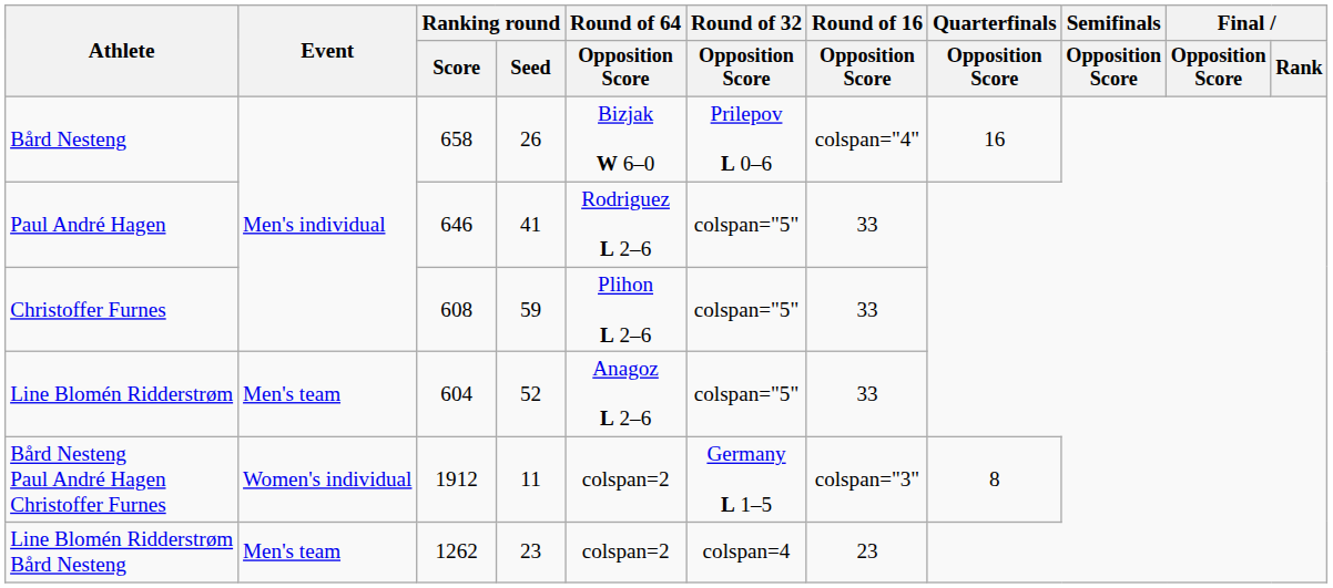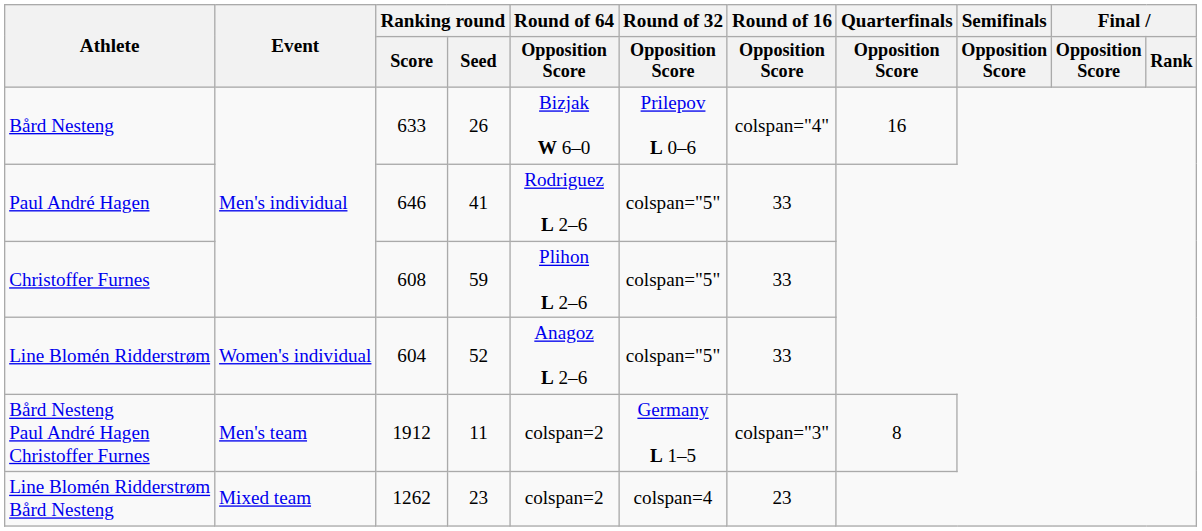 <table class="wikitable" style="font-size:90%">
 <tr>
 <th rowspan=2>Athlete</th>
 <th rowspan=2>Event</th>
 <th colspan=2>Ranking round</th>
 <th>Round of 64</th>
 <th>Round of 32</th>
 <th>Round of 16</th>
 <th>Quarterfinals</th>
 <th>Semifinals</th>
 <th colspan=2>Final / </th>
 </tr>
 <tr style="font-size:95%">
 <th>Score</th>
 <th>Seed</th>
 <th>Opposition<br>Score</th>
 <th>Opposition<br>Score</th>
 <th>Opposition<br>Score</th>
 <th>Opposition<br>Score</th>
 <th>Opposition<br>Score</th>
 <th>Opposition<br>Score</th>
 <th>Rank</th>
 </tr>
 <tr align=center>
 <td align=left><a href='#'>Bård Nesteng</a></td>
 <td style="text-align:left;" rowspan="3"><a href='#'>Men's individual</a></td>
-<td>658</td>
+<td>633</td>
 <td>26</td>
 <td><a href='#'>Bizjak</a><br><br> <strong>W</strong> 6–0</td>
 <td><a href='#'>Prilepov</a><br><br> <strong>L</strong> 0–6</td>
 <td>colspan="4" </td>
 <td>16</td>
 </tr>
 <tr align=center>
 <td align=left><a href='#'>Paul André Hagen</a></td>
 <td>646</td>
 <td>41</td>
 <td><a href='#'>Rodriguez</a><br><br> <strong>L</strong> 2–6</td>
 <td>colspan="5" </td>
 <td>33</td>
 </tr>
 <tr align=center>
 <td align=left><a href='#'>Christoffer Furnes</a></td>
 <td>608</td>
 <td>59</td>
 <td><a href='#'>Plihon</a><br><br><strong>L</strong> 2–6</td>
 <td>colspan="5" </td>
 <td>33</td>
 </tr>
 <tr align=center>
 <td align=left><a href='#'>Line Blomén Ridderstrøm</a></td>
-<td align=left><a href='#'>Men's team</a></td>
+<td align=left><a href='#'>Women's individual</a></td>
 <td>604</td>
 <td>52</td>
 <td><a href='#'>Anagoz</a><br><br> <strong>L</strong> 2–6</td>
 <td>colspan="5" </td>
 <td>33</td>
 </tr>
 <tr align=center>
 <td align=left><a href='#'>Bård Nesteng</a><br><a href='#'>Paul André Hagen</a><br><a href='#'>Christoffer Furnes</a></td>
-<td align=left><a href='#'>Women's individual</a></td>
+<td align=left><a href='#'>Men's team</a></td>
 <td>1912</td>
 <td>11</td>
 <td>colspan=2 </td>
 <td><a href='#'>Germany</a><br><br> <strong>L</strong> 1–5</td>
 <td>colspan="3" </td>
 <td>8</td>
 </tr>
 <tr align=center>
 <td align=left><a href='#'>Line Blomén Ridderstrøm</a><br><a href='#'>Bård Nesteng</a></td>
-<td align=left><a href='#'>Men's team</a></td>
+<td align=left><a href='#'>Mixed team</a></td>
 <td>1262</td>
 <td>23</td>
 <td>colspan=2 </td>
 <td>colspan=4 </td>
 <td>23</td>
 </tr>
 </table>
